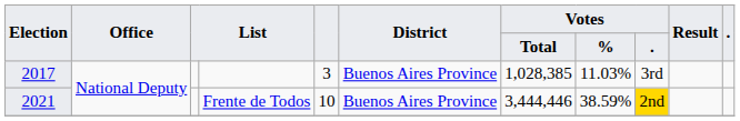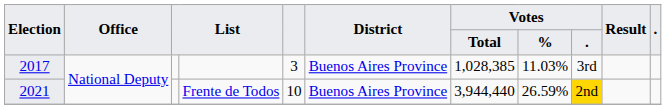 <table class="wikitable" style="font-size:90%; text-align:center;">
 <tr>
 <th style="background-color:#EAECF0;" rowspan=2>Election</th>
 <th style="background-color:#EAECF0;" rowspan=2>Office</th>
 <th style="background-color:#EAECF0;" colspan=2 rowspan=2>List</th>
 <th style="background-color:#EAECF0;" rowspan=2></th>
 <th style="background-color:#EAECF0;" rowspan=2>District</th>
 <th style="background-color:#EAECF0;" colspan=3>Votes</th>
 <th style="background-color:#EAECF0;" rowspan=2>Result</th>
 <th style="background-color:#EAECF0;" rowspan=2>.</th>
 </tr>
 <tr>
 <th style="background-color:#EAECF0;">Total</th>
 <th style="background-color:#EAECF0;">%</th>
 <th style="background-color:#EAECF0;">.</th>
 </tr>
 <tr>
 <td style="background-color:#EAECF0;"><a href='#'>2017</a></td>
 <td rowspan=2><a href='#'>National Deputy</a></td>
 <td style="background-color:"></td>
 <td></td>
 <td>3</td>
 <td><a href='#'>Buenos Aires Province</a></td>
 <td>1,028,385</td>
 <td>11.03%</td>
 <td>3rd</td>
 <td></td>
 <td></td>
 </tr>
 <tr>
 <td style="background-color:#EAECF0;"><a href='#'>2021</a></td>
 <td style="background-color:"></td>
 <td><a href='#'>Frente de Todos</a></td>
 <td>10</td>
 <td><a href='#'>Buenos Aires Province</a></td>
-<td>3,444,446</td>
-<td>38.59%</td>
+<td>3,944,440</td>
+<td>26.59%</td>
 <td style="background: gold;">2nd</td>
 <td></td>
 <td></td>
 </tr>
 <tr>
 </tr>
 </table>
